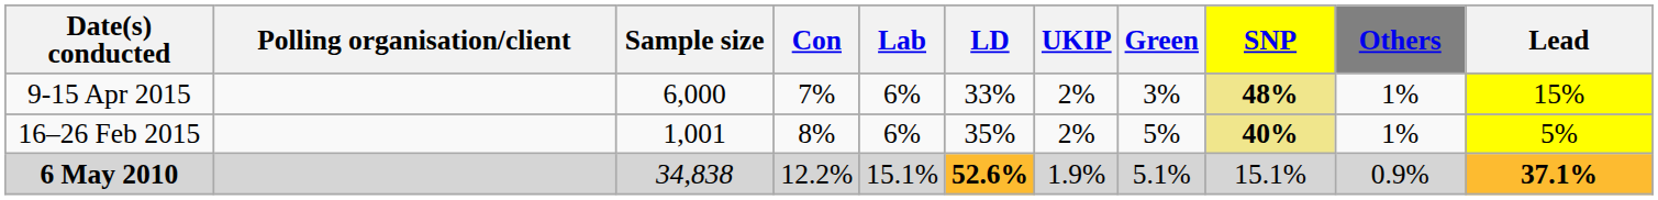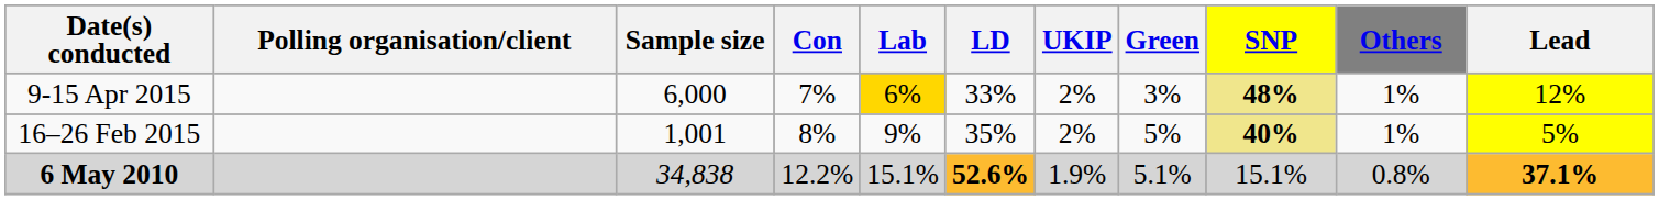 <table class="wikitable sortable" style="text-align:center;font-size:90%;line-height:14px">
 <tr>
 <th ! style="width:100px;">Date(s)<br>conducted</th>
 <th style="width:200px;">Polling organisation/client</th>
 <th class="unsortable" style="width:75px;">Sample size</th>
 <th class="unsortable" style="background:"><a href='#'><span>Con</span></a></th>
 <th class="unsortable" style="background:"><a href='#'><span>Lab</span></a></th>
 <th class="unsortable" style="background:"><a href='#'><span>LD</span></a></th>
 <th class="unsortable" style="background:"><a href='#'><span>UKIP</span></a></th>
 <th class="unsortable" style="background:"><a href='#'><span>Green</span></a></th>
 <th class="unsortable" style="background:#ffff00; width:60px;"><a href='#'><span>SNP</span></a></th>
 <th class="unsortable" style="background:gray; width:60px;"><a href='#'><span>Others</span></a></th>
 <th class="unsortable" style="width:90px;">Lead</th>
 </tr>
 <tr>
 <td>9-15 Apr 2015</td>
 <td> </td>
 <td>6,000</td>
 <td>7%</td>
-<td>6%</td>
+<td style="background: gold;">6%</td>
 <td>33%</td>
 <td>2%</td>
 <td>3%</td>
 <td style="background:khaki"><strong>48%</strong></td>
 <td>1%</td>
-<td style="background:#ff0"><span>15% </span></td>
+<td style="background:#ff0"><span>12% </span></td>
 </tr>
 <tr>
 <td>16–26 Feb 2015</td>
 <td> </td>
 <td>1,001</td>
 <td>8%</td>
-<td>6%</td>
+<td>9%</td>
 <td>35%</td>
 <td>2%</td>
 <td>5%</td>
 <td style="background:khaki"><strong>40%</strong></td>
 <td>1%</td>
 <td style="background:#ff0"><span>5% </span></td>
 </tr>
 <tr>
 <td style="background:#D5D5D5"><strong>6 May 2010</strong></td>
 <td style="background:#D5D5D5"></td>
 <td style="background:#D5D5D5"><em>34,838</em></td>
 <td style="background:#D5D5D5">12.2%</td>
 <td style="background:#D5D5D5">15.1%</td>
 <td style="background:#fdbb30"><strong>52.6%</strong></td>
 <td style="background:#D5D5D5">1.9%</td>
 <td style="background:#D5D5D5">5.1%</td>
 <td style="background:#D5D5D5">15.1%</td>
-<td style="background:#D5D5D5">0.9%</td>
+<td style="background:#D5D5D5">0.8%</td>
 <td style="background:#fdbb30"><span><strong>37.1% </strong></span></td>
 </tr>
 </table>
